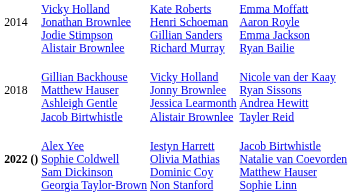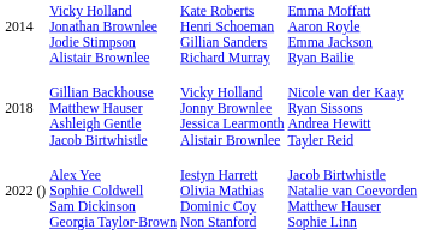 <table>
 <tr>
 <td>2014 </td>
 <td><br><a href='#'>Vicky Holland</a><br><a href='#'>Jonathan Brownlee</a><br><a href='#'>Jodie Stimpson</a><br><a href='#'>Alistair Brownlee</a></td>
 <td><br><a href='#'>Kate Roberts</a><br><a href='#'>Henri Schoeman</a><br><a href='#'>Gillian Sanders</a><br><a href='#'>Richard Murray</a></td>
 <td><br><a href='#'>Emma Moffatt</a><br><a href='#'>Aaron Royle</a><br><a href='#'>Emma Jackson</a><br><a href='#'>Ryan Bailie</a></td>
 </tr>
 <tr>
 <td>2018 </td>
 <td><br><a href='#'>Gillian Backhouse</a><br><a href='#'>Matthew Hauser</a><br><a href='#'>Ashleigh Gentle</a><br><a href='#'>Jacob Birtwhistle</a></td>
 <td><br><a href='#'>Vicky Holland</a><br><a href='#'>Jonny Brownlee</a><br><a href='#'>Jessica Learmonth</a><br><a href='#'>Alistair Brownlee</a></td>
 <td><br><a href='#'>Nicole van der Kaay</a><br><a href='#'>Ryan Sissons</a><br><a href='#'>Andrea Hewitt</a><br><a href='#'>Tayler Reid</a></td>
 </tr>
 <tr>
-<td><strong>2022 ()</strong></td>
+<td>2022 ()</td>
 <td><br><a href='#'>Alex Yee</a><br><a href='#'>Sophie Coldwell</a><br><a href='#'>Sam Dickinson</a> <br><a href='#'>Georgia Taylor-Brown</a></td>
 <td><br><a href='#'>Iestyn Harrett</a><br><a href='#'>Olivia Mathias</a><br><a href='#'>Dominic Coy</a><br><a href='#'>Non Stanford</a></td>
 <td><br><a href='#'>Jacob Birtwhistle</a><br><a href='#'>Natalie van Coevorden</a><br><a href='#'>Matthew Hauser</a><br><a href='#'>Sophie Linn</a></td>
 </tr>
 </table>
